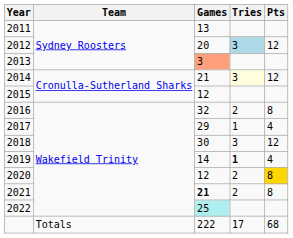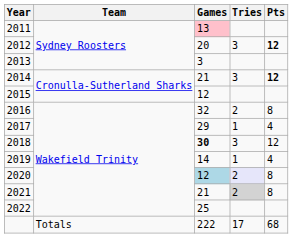 <table class="wikitable">
 <tr>
 <th>Year</th>
 <th>Team</th>
 <th>Games</th>
 <th>Tries</th>
 <th>Pts</th>
 </tr>
 <tr>
 <td>2011</td>
 <td rowspan="3"> <a href='#'>Sydney Roosters</a></td>
-<td>13</td>
+<td style="background: pink;">13</td>
 <td></td>
 <td></td>
 </tr>
 <tr>
 <td>2012</td>
 <td>20</td>
-<td style="background: lightblue;">3</td>
-<td>12</td>
+<td>3</td>
+<td><strong>12</strong></td>
 </tr>
 <tr>
 <td>2013</td>
-<td style="background: lightsalmon;">3</td>
+<td>3</td>
 <td></td>
 <td></td>
 </tr>
 <tr>
 <td>2014</td>
 <td rowspan="2"> <a href='#'>Cronulla-Sutherland Sharks</a></td>
 <td>21</td>
-<td style="background: lightyellow;">3</td>
-<td>12</td>
+<td>3</td>
+<td><strong>12</strong></td>
 </tr>
 <tr>
 <td>2015</td>
 <td>12</td>
 <td></td>
 <td></td>
 </tr>
 <tr>
 <td>2016</td>
 <td rowspan="7"> <a href='#'>Wakefield Trinity</a></td>
 <td>32</td>
 <td>2</td>
 <td>8</td>
 </tr>
 <tr>
 <td>2017</td>
 <td>29</td>
 <td>1</td>
 <td>4</td>
 </tr>
 <tr>
 <td>2018</td>
-<td>30</td>
+<td><strong>30</strong></td>
 <td>3</td>
 <td>12</td>
 </tr>
 <tr>
 <td>2019</td>
 <td>14</td>
-<td><strong>1</strong></td>
+<td>1</td>
 <td>4</td>
 </tr>
 <tr>
 <td>2020</td>
-<td>12</td>
-<td>2</td>
-<td style="background: gold;">8</td>
+<td style="background: lightblue;">12</td>
+<td style="background: lavender;">2</td>
+<td>8</td>
 </tr>
 <tr>
 <td>2021</td>
-<td><strong>21</strong></td>
-<td>2</td>
+<td>21</td>
+<td style="background: lightgrey;">2</td>
 <td>8</td>
 </tr>
 <tr>
 <td>2022</td>
-<td style="background: paleturquoise;">25</td>
+<td>25</td>
 <td></td>
 <td></td>
 </tr>
 <tr>
 <td></td>
 <td>Totals</td>
 <td>222</td>
 <td>17</td>
 <td>68</td>
 </tr>
 </table>
